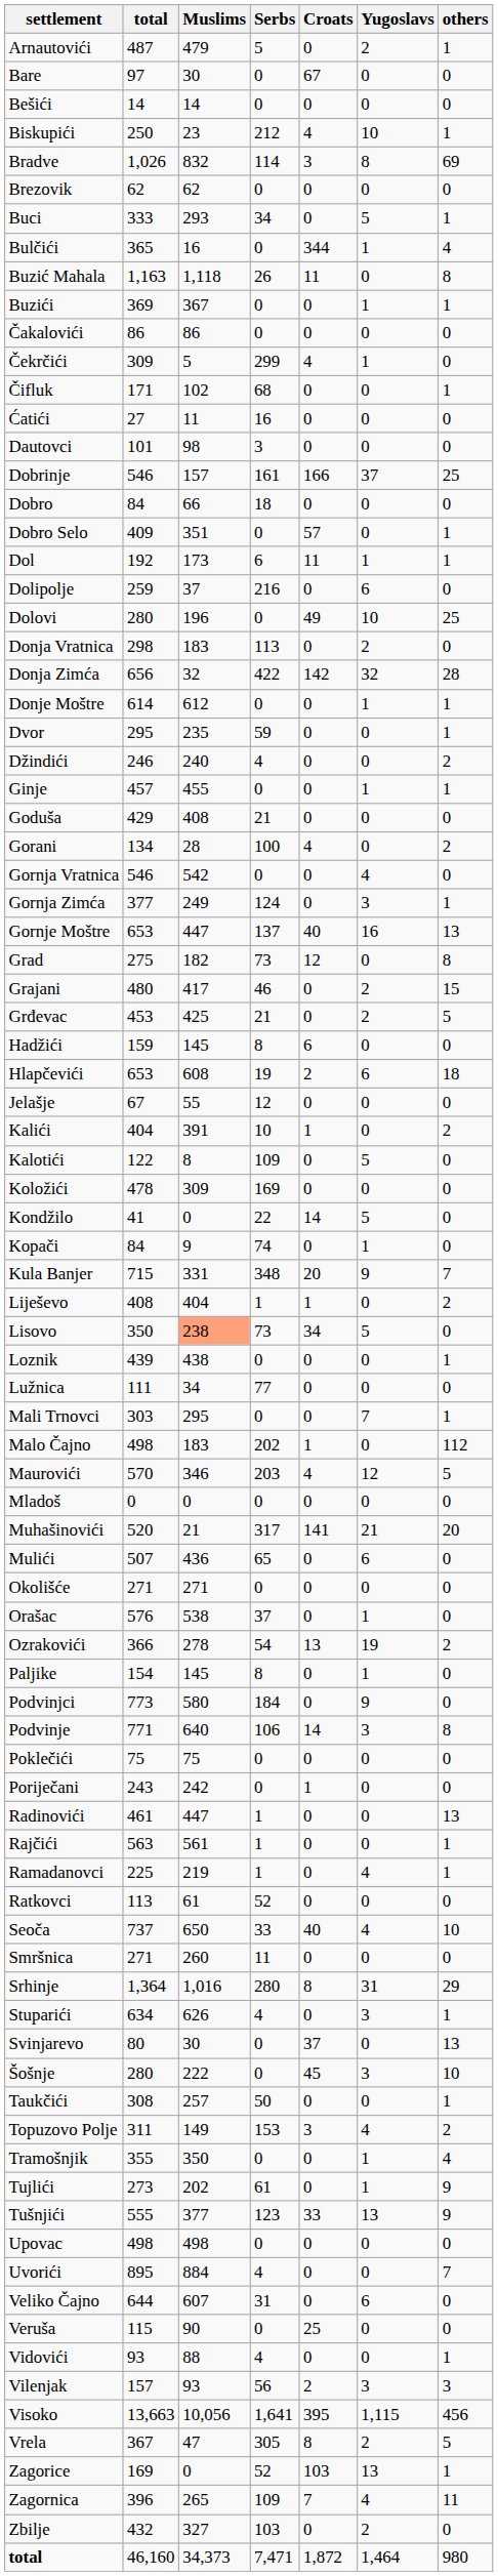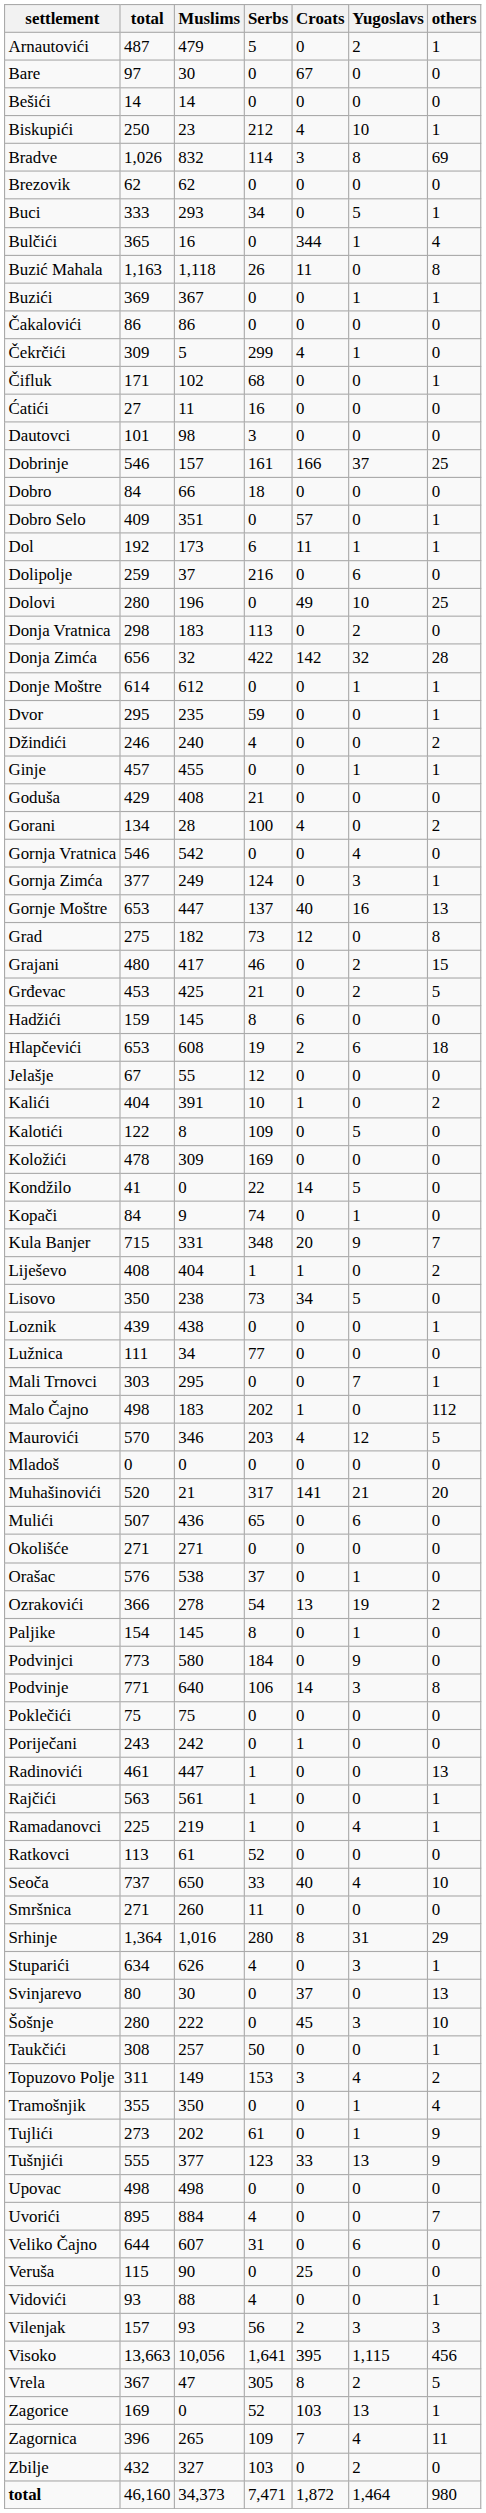 <table class="wikitable" style="font-size:95%;">
 <tr>
 <th>settlement</th>
 <th>total</th>
 <th>Muslims</th>
 <th>Serbs</th>
 <th>Croats</th>
 <th>Yugoslavs</th>
 <th>others</th>
 </tr>
 <tr>
 <td rowspan="1">Arnautovići</td>
 <td>487</td>
 <td>479</td>
 <td>5</td>
 <td>0</td>
 <td>2</td>
 <td>1</td>
 </tr>
 <tr>
 <td rowspan="1">Bare</td>
 <td>97</td>
 <td>30</td>
 <td>0</td>
 <td>67</td>
 <td>0</td>
 <td>0</td>
 </tr>
 <tr>
 <td rowspan="1">Bešići</td>
 <td>14</td>
 <td>14</td>
 <td>0</td>
 <td>0</td>
 <td>0</td>
 <td>0</td>
 </tr>
 <tr>
 <td rowspan="1">Biskupići</td>
 <td>250</td>
 <td>23</td>
 <td>212</td>
 <td>4</td>
 <td>10</td>
 <td>1</td>
 </tr>
 <tr>
 <td rowspan="1">Bradve</td>
 <td>1,026</td>
 <td>832</td>
 <td>114</td>
 <td>3</td>
 <td>8</td>
 <td>69</td>
 </tr>
 <tr>
 <td rowspan="1">Brezovik</td>
 <td>62</td>
 <td>62</td>
 <td>0</td>
 <td>0</td>
 <td>0</td>
 <td>0</td>
 </tr>
 <tr>
 <td rowspan="1">Buci</td>
 <td>333</td>
 <td>293</td>
 <td>34</td>
 <td>0</td>
 <td>5</td>
 <td>1</td>
 </tr>
 <tr>
 <td rowspan="1">Bulčići</td>
 <td>365</td>
 <td>16</td>
 <td>0</td>
 <td>344</td>
 <td>1</td>
 <td>4</td>
 </tr>
 <tr>
 <td rowspan="1">Buzić Mahala</td>
 <td>1,163</td>
 <td>1,118</td>
 <td>26</td>
 <td>11</td>
 <td>0</td>
 <td>8</td>
 </tr>
 <tr>
 <td rowspan="1">Buzići</td>
 <td>369</td>
 <td>367</td>
 <td>0</td>
 <td>0</td>
 <td>1</td>
 <td>1</td>
 </tr>
 <tr>
 <td rowspan="1">Čakalovići</td>
 <td>86</td>
 <td>86</td>
 <td>0</td>
 <td>0</td>
 <td>0</td>
 <td>0</td>
 </tr>
 <tr>
 <td rowspan="1">Čekrčići</td>
 <td>309</td>
 <td>5</td>
 <td>299</td>
 <td>4</td>
 <td>1</td>
 <td>0</td>
 </tr>
 <tr>
 <td rowspan="1">Čifluk</td>
 <td>171</td>
 <td>102</td>
 <td>68</td>
 <td>0</td>
 <td>0</td>
 <td>1</td>
 </tr>
 <tr>
 <td rowspan="1">Ćatići</td>
 <td>27</td>
 <td>11</td>
 <td>16</td>
 <td>0</td>
 <td>0</td>
 <td>0</td>
 </tr>
 <tr>
 <td rowspan="1">Dautovci</td>
 <td>101</td>
 <td>98</td>
 <td>3</td>
 <td>0</td>
 <td>0</td>
 <td>0</td>
 </tr>
 <tr>
 <td rowspan="1">Dobrinje</td>
 <td>546</td>
 <td>157</td>
 <td>161</td>
 <td>166</td>
 <td>37</td>
 <td>25</td>
 </tr>
 <tr>
 <td rowspan="1">Dobro</td>
 <td>84</td>
 <td>66</td>
 <td>18</td>
 <td>0</td>
 <td>0</td>
 <td>0</td>
 </tr>
 <tr>
 <td rowspan="1">Dobro Selo</td>
 <td>409</td>
 <td>351</td>
 <td>0</td>
 <td>57</td>
 <td>0</td>
 <td>1</td>
 </tr>
 <tr>
 <td rowspan="1">Dol</td>
 <td>192</td>
 <td>173</td>
 <td>6</td>
 <td>11</td>
 <td>1</td>
 <td>1</td>
 </tr>
 <tr>
 <td rowspan="1">Dolipolje</td>
 <td>259</td>
 <td>37</td>
 <td>216</td>
 <td>0</td>
 <td>6</td>
 <td>0</td>
 </tr>
 <tr>
 <td rowspan="1">Dolovi</td>
 <td>280</td>
 <td>196</td>
 <td>0</td>
 <td>49</td>
 <td>10</td>
 <td>25</td>
 </tr>
 <tr>
 <td rowspan="1">Donja Vratnica</td>
 <td>298</td>
 <td>183</td>
 <td>113</td>
 <td>0</td>
 <td>2</td>
 <td>0</td>
 </tr>
 <tr>
 <td rowspan="1">Donja Zimća</td>
 <td>656</td>
 <td>32</td>
 <td>422</td>
 <td>142</td>
 <td>32</td>
 <td>28</td>
 </tr>
 <tr>
 <td rowspan="1">Donje Moštre</td>
 <td>614</td>
 <td>612</td>
 <td>0</td>
 <td>0</td>
 <td>1</td>
 <td>1</td>
 </tr>
 <tr>
 <td rowspan="1">Dvor</td>
 <td>295</td>
 <td>235</td>
 <td>59</td>
 <td>0</td>
 <td>0</td>
 <td>1</td>
 </tr>
 <tr>
 <td rowspan="1">Džindići</td>
 <td>246</td>
 <td>240</td>
 <td>4</td>
 <td>0</td>
 <td>0</td>
 <td>2</td>
 </tr>
 <tr>
 <td rowspan="1">Ginje</td>
 <td>457</td>
 <td>455</td>
 <td>0</td>
 <td>0</td>
 <td>1</td>
 <td>1</td>
 </tr>
 <tr>
 <td rowspan="1">Goduša</td>
 <td>429</td>
 <td>408</td>
 <td>21</td>
 <td>0</td>
 <td>0</td>
 <td>0</td>
 </tr>
 <tr>
 <td rowspan="1">Gorani</td>
 <td>134</td>
 <td>28</td>
 <td>100</td>
 <td>4</td>
 <td>0</td>
 <td>2</td>
 </tr>
 <tr>
 <td rowspan="1">Gornja Vratnica</td>
 <td>546</td>
 <td>542</td>
 <td>0</td>
 <td>0</td>
 <td>4</td>
 <td>0</td>
 </tr>
 <tr>
 <td rowspan="1">Gornja Zimća</td>
 <td>377</td>
 <td>249</td>
 <td>124</td>
 <td>0</td>
 <td>3</td>
 <td>1</td>
 </tr>
 <tr>
 <td rowspan="1">Gornje Moštre</td>
 <td>653</td>
 <td>447</td>
 <td>137</td>
 <td>40</td>
 <td>16</td>
 <td>13</td>
 </tr>
 <tr>
 <td rowspan="1">Grad</td>
 <td>275</td>
 <td>182</td>
 <td>73</td>
 <td>12</td>
 <td>0</td>
 <td>8</td>
 </tr>
 <tr>
 <td rowspan="1">Grajani</td>
 <td>480</td>
 <td>417</td>
 <td>46</td>
 <td>0</td>
 <td>2</td>
 <td>15</td>
 </tr>
 <tr>
 <td rowspan="1">Grđevac</td>
 <td>453</td>
 <td>425</td>
 <td>21</td>
 <td>0</td>
 <td>2</td>
 <td>5</td>
 </tr>
 <tr>
 <td rowspan="1">Hadžići</td>
 <td>159</td>
 <td>145</td>
 <td>8</td>
 <td>6</td>
 <td>0</td>
 <td>0</td>
 </tr>
 <tr>
 <td rowspan="1">Hlapčevići</td>
 <td>653</td>
 <td>608</td>
 <td>19</td>
 <td>2</td>
 <td>6</td>
 <td>18</td>
 </tr>
 <tr>
 <td rowspan="1">Jelašje</td>
 <td>67</td>
 <td>55</td>
 <td>12</td>
 <td>0</td>
 <td>0</td>
 <td>0</td>
 </tr>
 <tr>
 <td rowspan="1">Kalići</td>
 <td>404</td>
 <td>391</td>
 <td>10</td>
 <td>1</td>
 <td>0</td>
 <td>2</td>
 </tr>
 <tr>
 <td rowspan="1">Kalotići</td>
 <td>122</td>
 <td>8</td>
 <td>109</td>
 <td>0</td>
 <td>5</td>
 <td>0</td>
 </tr>
 <tr>
 <td rowspan="1">Koložići</td>
 <td>478</td>
 <td>309</td>
 <td>169</td>
 <td>0</td>
 <td>0</td>
 <td>0</td>
 </tr>
 <tr>
 <td rowspan="1">Kondžilo</td>
 <td>41</td>
 <td>0</td>
 <td>22</td>
 <td>14</td>
 <td>5</td>
 <td>0</td>
 </tr>
 <tr>
 <td rowspan="1">Kopači</td>
 <td>84</td>
 <td>9</td>
 <td>74</td>
 <td>0</td>
 <td>1</td>
 <td>0</td>
 </tr>
 <tr>
 <td rowspan="1">Kula Banjer</td>
 <td>715</td>
 <td>331</td>
 <td>348</td>
 <td>20</td>
 <td>9</td>
 <td>7</td>
 </tr>
 <tr>
 <td rowspan="1">Liješevo</td>
 <td>408</td>
 <td>404</td>
 <td>1</td>
 <td>1</td>
 <td>0</td>
 <td>2</td>
 </tr>
 <tr>
 <td rowspan="1">Lisovo</td>
 <td>350</td>
-<td style="background: lightsalmon;">238</td>
+<td>238</td>
 <td>73</td>
 <td>34</td>
 <td>5</td>
 <td>0</td>
 </tr>
 <tr>
 <td rowspan="1">Loznik</td>
 <td>439</td>
 <td>438</td>
 <td>0</td>
 <td>0</td>
 <td>0</td>
 <td>1</td>
 </tr>
 <tr>
 <td rowspan="1">Lužnica</td>
 <td>111</td>
 <td>34</td>
 <td>77</td>
 <td>0</td>
 <td>0</td>
 <td>0</td>
 </tr>
 <tr>
 <td rowspan="1">Mali Trnovci</td>
 <td>303</td>
 <td>295</td>
 <td>0</td>
 <td>0</td>
 <td>7</td>
 <td>1</td>
 </tr>
 <tr>
 <td rowspan="1">Malo Čajno</td>
 <td>498</td>
 <td>183</td>
 <td>202</td>
 <td>1</td>
 <td>0</td>
 <td>112</td>
 </tr>
 <tr>
 <td rowspan="1">Maurovići</td>
 <td>570</td>
 <td>346</td>
 <td>203</td>
 <td>4</td>
 <td>12</td>
 <td>5</td>
 </tr>
 <tr>
 <td rowspan="1">Mladoš</td>
 <td>0</td>
 <td>0</td>
 <td>0</td>
 <td>0</td>
 <td>0</td>
 <td>0</td>
 </tr>
 <tr>
 <td rowspan="1">Muhašinovići</td>
 <td>520</td>
 <td>21</td>
 <td>317</td>
 <td>141</td>
 <td>21</td>
 <td>20</td>
 </tr>
 <tr>
 <td rowspan="1">Mulići</td>
 <td>507</td>
 <td>436</td>
 <td>65</td>
 <td>0</td>
 <td>6</td>
 <td>0</td>
 </tr>
 <tr>
 <td rowspan="1">Okolišće</td>
 <td>271</td>
 <td>271</td>
 <td>0</td>
 <td>0</td>
 <td>0</td>
 <td>0</td>
 </tr>
 <tr>
 <td rowspan="1">Orašac</td>
 <td>576</td>
 <td>538</td>
 <td>37</td>
 <td>0</td>
 <td>1</td>
 <td>0</td>
 </tr>
 <tr>
 <td rowspan="1">Ozrakovići</td>
 <td>366</td>
 <td>278</td>
 <td>54</td>
 <td>13</td>
 <td>19</td>
 <td>2</td>
 </tr>
 <tr>
 <td rowspan="1">Paljike</td>
 <td>154</td>
 <td>145</td>
 <td>8</td>
 <td>0</td>
 <td>1</td>
 <td>0</td>
 </tr>
 <tr>
 <td rowspan="1">Podvinjci</td>
 <td>773</td>
 <td>580</td>
 <td>184</td>
 <td>0</td>
 <td>9</td>
 <td>0</td>
 </tr>
 <tr>
 <td rowspan="1">Podvinje</td>
 <td>771</td>
 <td>640</td>
 <td>106</td>
 <td>14</td>
 <td>3</td>
 <td>8</td>
 </tr>
 <tr>
 <td rowspan="1">Poklečići</td>
 <td>75</td>
 <td>75</td>
 <td>0</td>
 <td>0</td>
 <td>0</td>
 <td>0</td>
 </tr>
 <tr>
 <td rowspan="1">Poriječani</td>
 <td>243</td>
 <td>242</td>
 <td>0</td>
 <td>1</td>
 <td>0</td>
 <td>0</td>
 </tr>
 <tr>
 <td rowspan="1">Radinovići</td>
 <td>461</td>
 <td>447</td>
 <td>1</td>
 <td>0</td>
 <td>0</td>
 <td>13</td>
 </tr>
 <tr>
 <td rowspan="1">Rajčići</td>
 <td>563</td>
 <td>561</td>
 <td>1</td>
 <td>0</td>
 <td>0</td>
 <td>1</td>
 </tr>
 <tr>
 <td rowspan="1">Ramadanovci</td>
 <td>225</td>
 <td>219</td>
 <td>1</td>
 <td>0</td>
 <td>4</td>
 <td>1</td>
 </tr>
 <tr>
 <td rowspan="1">Ratkovci</td>
 <td>113</td>
 <td>61</td>
 <td>52</td>
 <td>0</td>
 <td>0</td>
 <td>0</td>
 </tr>
 <tr>
 <td rowspan="1">Seoča</td>
 <td>737</td>
 <td>650</td>
 <td>33</td>
 <td>40</td>
 <td>4</td>
 <td>10</td>
 </tr>
 <tr>
 <td rowspan="1">Smršnica</td>
 <td>271</td>
 <td>260</td>
 <td>11</td>
 <td>0</td>
 <td>0</td>
 <td>0</td>
 </tr>
 <tr>
 <td rowspan="1">Srhinje</td>
 <td>1,364</td>
 <td>1,016</td>
 <td>280</td>
 <td>8</td>
 <td>31</td>
 <td>29</td>
 </tr>
 <tr>
 <td rowspan="1">Stuparići</td>
 <td>634</td>
 <td>626</td>
 <td>4</td>
 <td>0</td>
 <td>3</td>
 <td>1</td>
 </tr>
 <tr>
 <td rowspan="1">Svinjarevo</td>
 <td>80</td>
 <td>30</td>
 <td>0</td>
 <td>37</td>
 <td>0</td>
 <td>13</td>
 </tr>
 <tr>
 <td rowspan="1">Šošnje</td>
 <td>280</td>
 <td>222</td>
 <td>0</td>
 <td>45</td>
 <td>3</td>
 <td>10</td>
 </tr>
 <tr>
 <td rowspan="1">Taukčići</td>
 <td>308</td>
 <td>257</td>
 <td>50</td>
 <td>0</td>
 <td>0</td>
 <td>1</td>
 </tr>
 <tr>
 <td rowspan="1">Topuzovo Polje</td>
 <td>311</td>
 <td>149</td>
 <td>153</td>
 <td>3</td>
 <td>4</td>
 <td>2</td>
 </tr>
 <tr>
 <td rowspan="1">Tramošnjik</td>
 <td>355</td>
 <td>350</td>
 <td>0</td>
 <td>0</td>
 <td>1</td>
 <td>4</td>
 </tr>
 <tr>
 <td rowspan="1">Tujlići</td>
 <td>273</td>
 <td>202</td>
 <td>61</td>
 <td>0</td>
 <td>1</td>
 <td>9</td>
 </tr>
 <tr>
 <td rowspan="1">Tušnjići</td>
 <td>555</td>
 <td>377</td>
 <td>123</td>
 <td>33</td>
 <td>13</td>
 <td>9</td>
 </tr>
 <tr>
 <td rowspan="1">Upovac</td>
 <td>498</td>
 <td>498</td>
 <td>0</td>
 <td>0</td>
 <td>0</td>
 <td>0</td>
 </tr>
 <tr>
 <td rowspan="1">Uvorići</td>
 <td>895</td>
 <td>884</td>
 <td>4</td>
 <td>0</td>
 <td>0</td>
 <td>7</td>
 </tr>
 <tr>
 <td rowspan="1">Veliko Čajno</td>
 <td>644</td>
 <td>607</td>
 <td>31</td>
 <td>0</td>
 <td>6</td>
 <td>0</td>
 </tr>
 <tr>
 <td rowspan="1">Veruša</td>
 <td>115</td>
 <td>90</td>
 <td>0</td>
 <td>25</td>
 <td>0</td>
 <td>0</td>
 </tr>
 <tr>
 <td rowspan="1">Vidovići</td>
 <td>93</td>
 <td>88</td>
 <td>4</td>
 <td>0</td>
 <td>0</td>
 <td>1</td>
 </tr>
 <tr>
 <td rowspan="1">Vilenjak</td>
 <td>157</td>
 <td>93</td>
 <td>56</td>
 <td>2</td>
 <td>3</td>
 <td>3</td>
 </tr>
 <tr>
 <td rowspan="1">Visoko</td>
 <td>13,663</td>
 <td>10,056</td>
 <td>1,641</td>
 <td>395</td>
 <td>1,115</td>
 <td>456</td>
 </tr>
 <tr>
 <td rowspan="1">Vrela</td>
 <td>367</td>
 <td>47</td>
 <td>305</td>
 <td>8</td>
 <td>2</td>
 <td>5</td>
 </tr>
 <tr>
 <td rowspan="1">Zagorice</td>
 <td>169</td>
 <td>0</td>
 <td>52</td>
 <td>103</td>
 <td>13</td>
 <td>1</td>
 </tr>
 <tr>
 <td rowspan="1">Zagornica</td>
 <td>396</td>
 <td>265</td>
 <td>109</td>
 <td>7</td>
 <td>4</td>
 <td>11</td>
 </tr>
 <tr>
 <td rowspan="1">Zbilje</td>
 <td>432</td>
 <td>327</td>
 <td>103</td>
 <td>0</td>
 <td>2</td>
 <td>0</td>
 </tr>
 <tr>
 <td rowspan="1"><strong>total</strong></td>
 <td>46,160</td>
 <td>34,373</td>
 <td>7,471</td>
 <td>1,872</td>
 <td>1,464</td>
 <td>980</td>
 </tr>
 </table>
